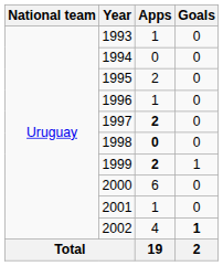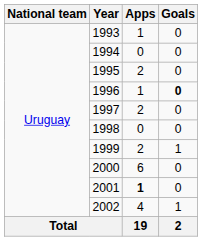 <table class=wikitable style=text-align:center>
 <tr>
 <th>National team</th>
 <th>Year</th>
 <th>Apps</th>
 <th>Goals</th>
 </tr>
 <tr>
 <td rowspan="10"><a href='#'>Uruguay</a></td>
 <td>1993</td>
 <td>1</td>
 <td>0</td>
 </tr>
 <tr>
 <td>1994</td>
 <td>0</td>
 <td>0</td>
 </tr>
 <tr>
 <td>1995</td>
 <td>2</td>
 <td>0</td>
 </tr>
 <tr>
 <td>1996</td>
 <td>1</td>
-<td>0</td>
+<td><strong>0</strong></td>
 </tr>
 <tr>
 <td>1997</td>
-<td><strong>2</strong></td>
+<td>2</td>
 <td>0</td>
 </tr>
 <tr>
 <td>1998</td>
-<td><strong>0</strong></td>
+<td>0</td>
 <td>0</td>
 </tr>
 <tr>
 <td>1999</td>
-<td><strong>2</strong></td>
+<td>2</td>
 <td>1</td>
 </tr>
 <tr>
 <td>2000</td>
 <td>6</td>
 <td>0</td>
 </tr>
 <tr>
 <td>2001</td>
-<td>1</td>
+<td><strong>1</strong></td>
 <td>0</td>
 </tr>
 <tr>
 <td>2002</td>
 <td>4</td>
-<td><strong>1</strong></td>
+<td>1</td>
 </tr>
 <tr>
 <th colspan="2">Total</th>
 <th>19</th>
 <th>2</th>
 </tr>
 </table>
